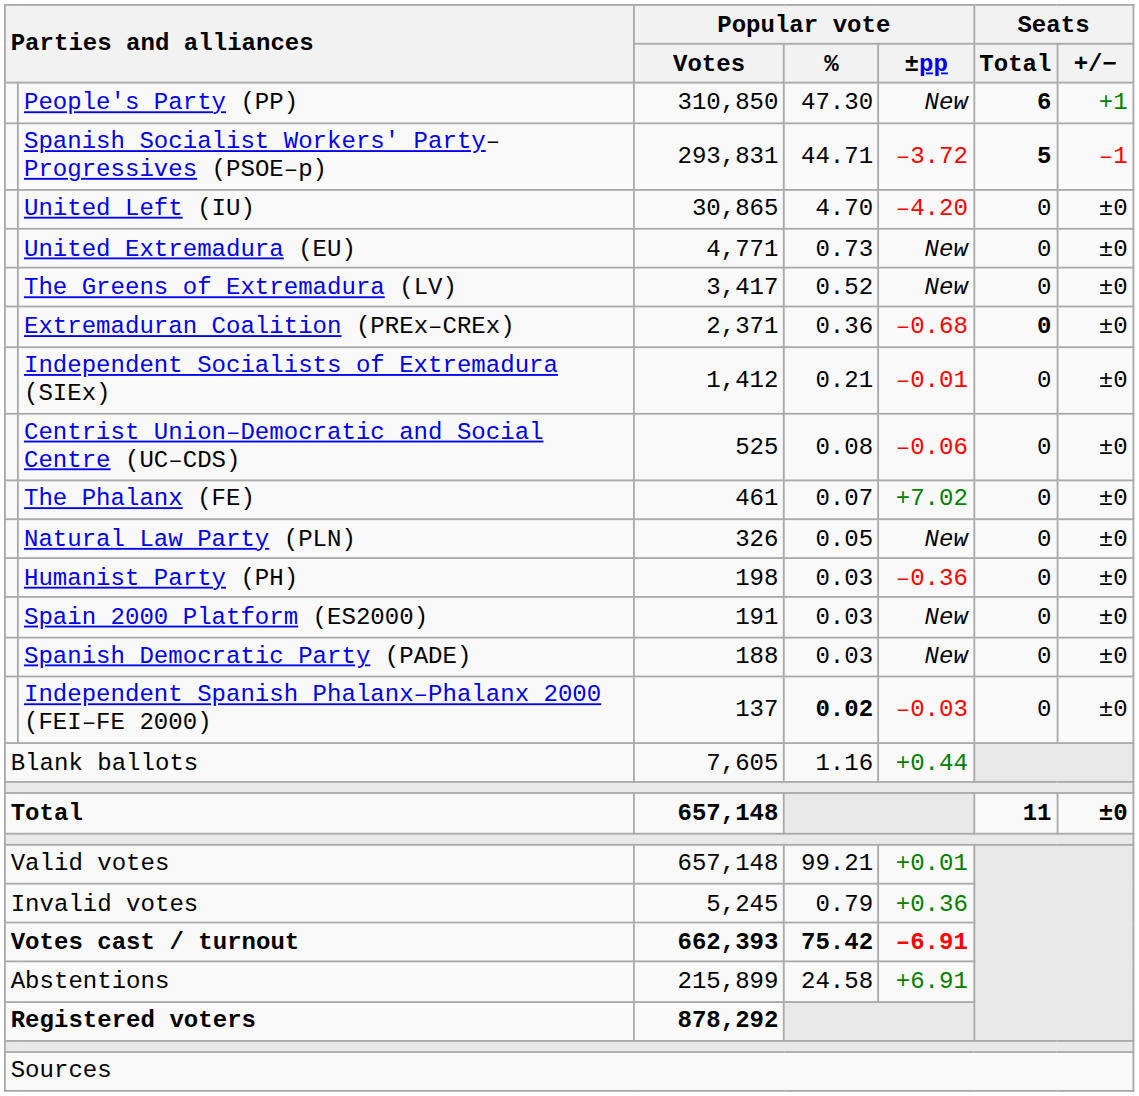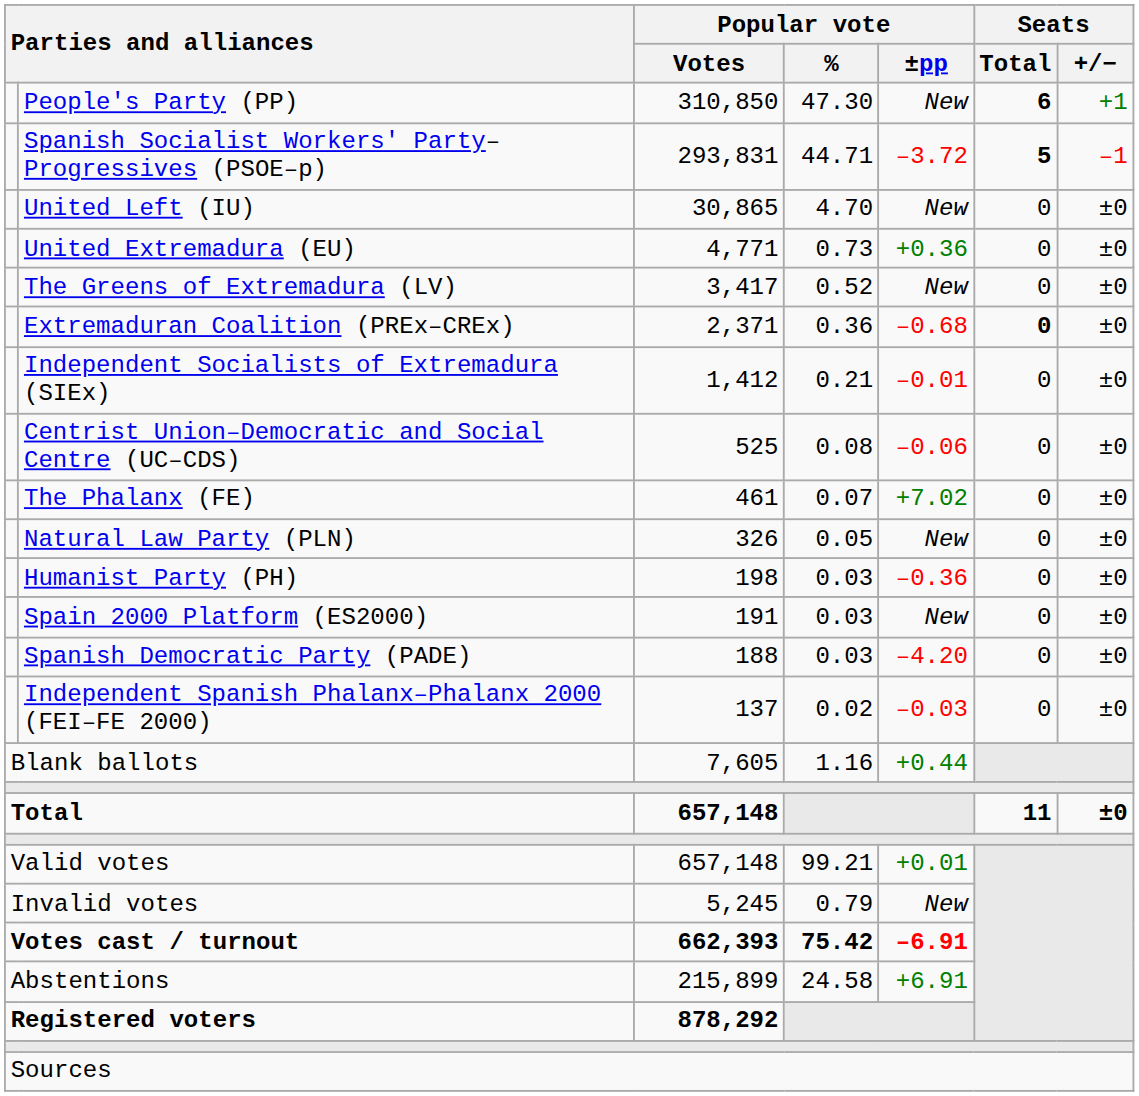 <table class="wikitable" style="text-align:right;">
 <tr>
 <th style="text-align:left;" rowspan="2" colspan="2" width="525">Parties and alliances</th>
 <th colspan="3">Popular vote</th>
 <th colspan="2">Seats</th>
 </tr>
 <tr>
 <th width="75">Votes</th>
 <th width="45">%</th>
 <th width="45">±<a href='#'>pp</a></th>
 <th width="35">Total</th>
 <th width="35">+/−</th>
 </tr>
 <tr>
 <td width="1" style="color:inherit;background:"></td>
 <td align="left"><a href='#'>People's Party</a> (PP)</td>
 <td>310,850</td>
 <td>47.30</td>
 <td><em>New</em></td>
 <td><strong>6</strong></td>
 <td style="color:green;">+1</td>
 </tr>
 <tr>
 <td style="color:inherit;background:"></td>
 <td align="left"><a href='#'>Spanish Socialist Workers' Party</a>–<a href='#'>Progressives</a> (PSOE–p)</td>
 <td>293,831</td>
 <td>44.71</td>
 <td style="color:red;">–3.72</td>
 <td><strong>5</strong></td>
 <td style="color:red;">–1</td>
 </tr>
 <tr>
 <td style="color:inherit;background:"></td>
 <td align="left"><a href='#'>United Left</a> (IU)</td>
 <td>30,865</td>
 <td>4.70</td>
-<td style="color:red;">–4.20</td>
+<td><em>New</em></td>
 <td>0</td>
 <td>±0</td>
 </tr>
 <tr>
 <td style="color:inherit;background:"></td>
 <td align="left"><a href='#'>United Extremadura</a> (EU)</td>
 <td>4,771</td>
 <td>0.73</td>
-<td><em>New</em></td>
+<td style="color:green;">+0.36</td>
 <td>0</td>
 <td>±0</td>
 </tr>
 <tr>
 <td style="color:inherit;background:"></td>
 <td align="left"><a href='#'>The Greens of Extremadura</a> (LV)</td>
 <td>3,417</td>
 <td>0.52</td>
 <td><em>New</em></td>
 <td>0</td>
 <td>±0</td>
 </tr>
 <tr>
 <td style="color:inherit;background:"></td>
 <td align="left"><a href='#'>Extremaduran Coalition</a> (PREx–CREx)</td>
 <td>2,371</td>
 <td>0.36</td>
 <td style="color:red;">–0.68</td>
 <td><strong>0</strong></td>
 <td>±0</td>
 </tr>
 <tr>
 <td style="color:inherit;background:"></td>
 <td align="left"><a href='#'>Independent Socialists of Extremadura</a> (SIEx)</td>
 <td>1,412</td>
 <td>0.21</td>
 <td style="color:red;">–0.01</td>
 <td>0</td>
 <td>±0</td>
 </tr>
 <tr>
 <td style="color:inherit;background:"></td>
 <td align="left"><a href='#'>Centrist Union–Democratic and Social Centre</a> (UC–CDS)</td>
 <td>525</td>
 <td>0.08</td>
 <td style="color:red;">–0.06</td>
 <td>0</td>
 <td>±0</td>
 </tr>
 <tr>
 <td style="color:inherit;background:"></td>
 <td align="left"><a href='#'>The Phalanx</a> (FE)</td>
 <td>461</td>
 <td>0.07</td>
 <td style="color:green;">+7.02</td>
 <td>0</td>
 <td>±0</td>
 </tr>
 <tr>
 <td style="color:inherit;background:"></td>
 <td align="left"><a href='#'>Natural Law Party</a> (PLN)</td>
 <td>326</td>
 <td>0.05</td>
 <td><em>New</em></td>
 <td>0</td>
 <td>±0</td>
 </tr>
 <tr>
 <td style="color:inherit;background:"></td>
 <td align="left"><a href='#'>Humanist Party</a> (PH)</td>
 <td>198</td>
 <td>0.03</td>
 <td style="color:red;">–0.36</td>
 <td>0</td>
 <td>±0</td>
 </tr>
 <tr>
 <td style="color:inherit;background:"></td>
 <td align="left"><a href='#'>Spain 2000 Platform</a> (ES2000)</td>
 <td>191</td>
 <td>0.03</td>
 <td><em>New</em></td>
 <td>0</td>
 <td>±0</td>
 </tr>
 <tr>
 <td style="color:inherit;background:"></td>
 <td align="left"><a href='#'>Spanish Democratic Party</a> (PADE)</td>
 <td>188</td>
 <td>0.03</td>
-<td><em>New</em></td>
+<td style="color:red;">–4.20</td>
 <td>0</td>
 <td>±0</td>
 </tr>
 <tr>
 <td style="color:inherit;background:"></td>
 <td align="left"><a href='#'>Independent Spanish Phalanx–Phalanx 2000</a> (FEI–FE 2000)</td>
 <td>137</td>
-<td><strong>0.02</strong></td>
+<td>0.02</td>
 <td style="color:red;">–0.03</td>
 <td>0</td>
 <td>±0</td>
 </tr>
 <tr>
 <td align="left" colspan="2">Blank ballots</td>
 <td>7,605</td>
 <td>1.16</td>
 <td style="color:green;">+0.44</td>
 <td bgcolor="#E9E9E9" colspan="2"></td>
 </tr>
 <tr>
 <td colspan="7" bgcolor="#E9E9E9"></td>
 </tr>
 <tr style="font-weight:bold;">
 <td align="left" colspan="2">Total</td>
 <td>657,148</td>
 <td bgcolor="#E9E9E9" colspan="2"></td>
 <td>11</td>
 <td>±0</td>
 </tr>
 <tr>
 <td colspan="7" bgcolor="#E9E9E9"></td>
 </tr>
 <tr>
 <td align="left" colspan="2">Valid votes</td>
 <td>657,148</td>
 <td>99.21</td>
 <td style="color:green;">+0.01</td>
 <td bgcolor="#E9E9E9" colspan="2" rowspan="5"></td>
 </tr>
 <tr>
 <td align="left" colspan="2">Invalid votes</td>
 <td>5,245</td>
 <td>0.79</td>
-<td style="color:green;">+0.36</td>
+<td><em>New</em></td>
 </tr>
 <tr style="font-weight:bold;">
 <td align="left" colspan="2">Votes cast / turnout</td>
 <td>662,393</td>
 <td>75.42</td>
 <td style="color:red;">–6.91</td>
 </tr>
 <tr>
 <td align="left" colspan="2">Abstentions</td>
 <td>215,899</td>
 <td>24.58</td>
 <td style="color:green;">+6.91</td>
 </tr>
 <tr style="font-weight:bold;">
 <td align="left" colspan="2">Registered voters</td>
 <td>878,292</td>
 <td bgcolor="#E9E9E9" colspan="2"></td>
 </tr>
 <tr>
 <td colspan="7" bgcolor="#E9E9E9"></td>
 </tr>
 <tr>
 <td align="left" colspan="7">Sources</td>
 </tr>
 </table>
